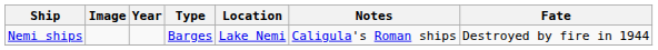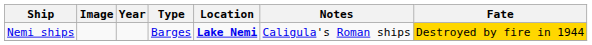 <table class="wikitable sortable">
 <tr>
 <th>Ship</th>
 <th>Image</th>
 <th>Year</th>
 <th>Type</th>
 <th>Location</th>
 <th>Notes</th>
 <th>Fate</th>
 </tr>
 <tr>
 <td><a href='#'>Nemi ships</a></td>
 <td></td>
 <td></td>
 <td><a href='#'>Barges</a></td>
-<td><a href='#'>Lake Nemi</a></td>
+<td><strong><a href='#'>Lake Nemi</a></strong></td>
 <td><a href='#'>Caligula</a>'s <a href='#'>Roman</a> ships</td>
-<td>Destroyed by fire in 1944</td>
+<td style="background: gold;">Destroyed by fire in 1944</td>
 </tr>
 <tr>
 </tr>
 </table>
